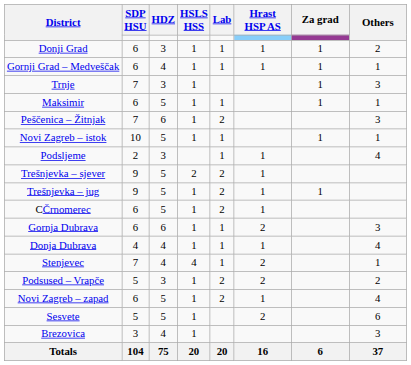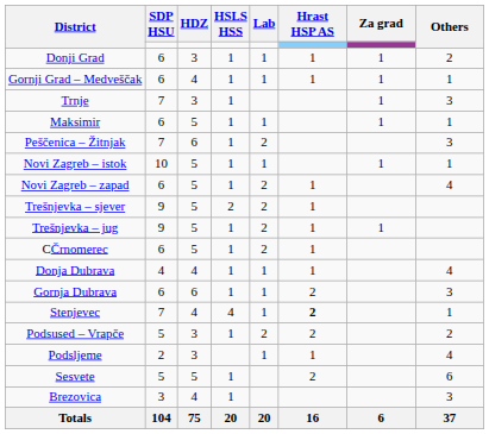 <table class="wikitable" style="text-align:center; font-size:90%;">
 <tr>
 <th rowspan=2><a href='#'>District</a></th>
 <th><a href='#'>SDP</a><br><a href='#'>HSU</a></th>
 <th><a href='#'>HDZ</a></th>
 <th><a href='#'>HSLS</a><br><a href='#'>HSS</a></th>
 <th><a href='#'>Lab</a></th>
 <th><a href='#'>Hrast</a><br><a href='#'>HSP AS</a></th>
 <th>Za grad</th>
 <th style="width:70px;" rowspan="2">Others</th>
 </tr>
 <tr>
 <td style="background: "></td>
 <td style="background: "></td>
 <td style="background: "></td>
 <td style="background: "></td>
 <td style="background-color:#87CEFA; width:70px;"></td>
 <td style="background-color:#953993; width:70px;"></td>
 </tr>
 <tr>
 <td><a href='#'>Donji Grad</a></td>
 <td>6</td>
 <td>3</td>
 <td>1</td>
 <td>1</td>
 <td>1</td>
 <td>1</td>
 <td>2</td>
 </tr>
 <tr>
 <td><a href='#'>Gornji Grad – Medveščak</a></td>
 <td>6</td>
 <td>4</td>
 <td>1</td>
 <td>1</td>
 <td>1</td>
 <td>1</td>
 <td>1</td>
 </tr>
 <tr>
 <td><a href='#'>Trnje</a></td>
 <td>7</td>
 <td>3</td>
 <td>1</td>
 <td></td>
 <td></td>
 <td>1</td>
 <td>3</td>
 </tr>
 <tr>
 <td><a href='#'>Maksimir</a></td>
 <td>6</td>
 <td>5</td>
 <td>1</td>
 <td>1</td>
 <td></td>
 <td>1</td>
 <td>1</td>
 </tr>
 <tr>
 <td><a href='#'>Peščenica – Žitnjak</a></td>
 <td>7</td>
 <td>6</td>
 <td>1</td>
 <td>2</td>
 <td></td>
 <td></td>
 <td>3</td>
 </tr>
 <tr>
 <td><a href='#'>Novi Zagreb – istok</a></td>
 <td>10</td>
 <td>5</td>
 <td>1</td>
 <td>1</td>
 <td></td>
 <td>1</td>
 <td>1</td>
 </tr>
 <tr>
-<td><a href='#'>Podsljeme</a></td>
+<td><a href='#'>Novi Zagreb – zapad</a></td>
+<td>6</td>
+<td>5</td>
+<td>1</td>
 <td>2</td>
-<td>3</td>
-<td></td>
-<td>1</td>
 <td>1</td>
 <td></td>
 <td>4</td>
 </tr>
 <tr>
 <td><a href='#'>Trešnjevka – sjever</a></td>
 <td>9</td>
 <td>5</td>
 <td>2</td>
 <td>2</td>
 <td>1</td>
 <td></td>
 <td></td>
 </tr>
 <tr>
 <td><a href='#'>Trešnjevka – jug</a></td>
 <td>9</td>
 <td>5</td>
 <td>1</td>
 <td>2</td>
 <td>1</td>
 <td>1</td>
 <td></td>
 </tr>
 <tr>
 <td><span>C</span><a href='#'>Črnomerec</a></td>
 <td>6</td>
 <td>5</td>
 <td>1</td>
 <td>2</td>
 <td>1</td>
 <td></td>
 <td></td>
 </tr>
 <tr>
+<td><a href='#'>Donja Dubrava</a></td>
+<td>4</td>
+<td>4</td>
+<td>1</td>
+<td>1</td>
+<td>1</td>
+<td></td>
+<td>4</td>
+</tr>
+<tr>
 <td><a href='#'>Gornja Dubrava</a></td>
 <td>6</td>
 <td>6</td>
 <td>1</td>
 <td>1</td>
 <td>2</td>
 <td></td>
 <td>3</td>
 </tr>
 <tr>
-<td><a href='#'>Donja Dubrava</a></td>
-<td>4</td>
-<td>4</td>
-<td>1</td>
-<td>1</td>
-<td>1</td>
-<td></td>
-<td>4</td>
-</tr>
-<tr>
 <td><a href='#'>Stenjevec</a></td>
 <td>7</td>
 <td>4</td>
 <td>4</td>
 <td>1</td>
-<td>2</td>
+<td><strong>2</strong></td>
 <td></td>
 <td>1</td>
 </tr>
 <tr>
 <td><a href='#'>Podsused – Vrapče</a></td>
 <td>5</td>
 <td>3</td>
 <td>1</td>
 <td>2</td>
 <td>2</td>
 <td></td>
 <td>2</td>
 </tr>
 <tr>
-<td><a href='#'>Novi Zagreb – zapad</a></td>
-<td>6</td>
-<td>5</td>
+<td><a href='#'>Podsljeme</a></td>
+<td>2</td>
+<td>3</td>
+<td></td>
 <td>1</td>
-<td>2</td>
 <td>1</td>
 <td></td>
 <td>4</td>
 </tr>
 <tr>
 <td><a href='#'>Sesvete</a></td>
 <td>5</td>
 <td>5</td>
 <td>1</td>
 <td></td>
 <td>2</td>
 <td></td>
 <td>6</td>
 </tr>
 <tr>
 <td><a href='#'>Brezovica</a></td>
 <td>3</td>
 <td>4</td>
 <td>1</td>
 <td></td>
 <td></td>
 <td></td>
 <td>3</td>
 </tr>
 <tr>
 <th>Totals</th>
 <th>104</th>
 <th>75</th>
 <th>20</th>
 <th>20</th>
 <th>16</th>
 <th>6</th>
 <th>37</th>
 </tr>
 </table>
